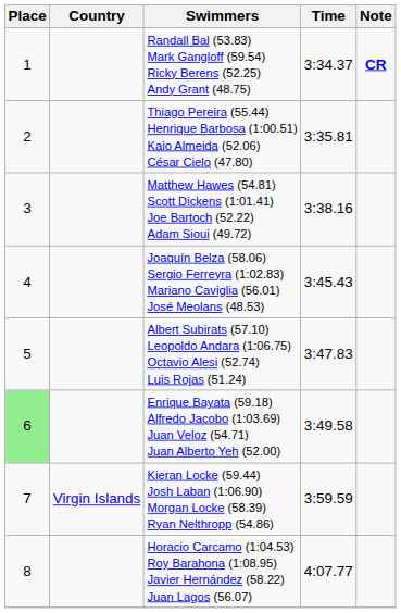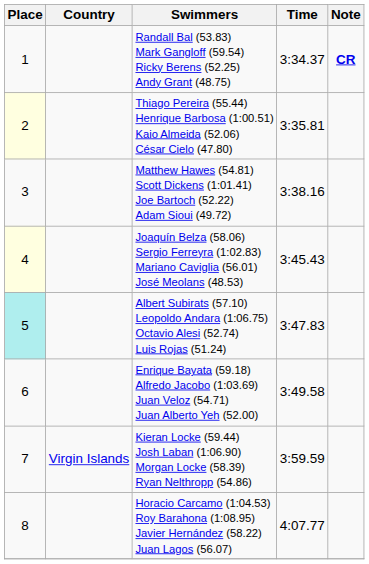 <table class="wikitable" style="text-align:center">
 <tr>
 <th>Place</th>
 <th>Country</th>
 <th>Swimmers</th>
 <th>Time</th>
 <th>Note</th>
 </tr>
 <tr>
 <td>1</td>
 <td align=left></td>
 <td align=left><small> <a href='#'>Randall Bal</a> (53.83) <br> <a href='#'>Mark Gangloff</a> (59.54) <br> <a href='#'>Ricky Berens</a> (52.25) <br> <a href='#'>Andy Grant</a> (48.75) </small></td>
 <td>3:34.37</td>
 <td><strong><a href='#'>CR</a></strong></td>
 </tr>
 <tr>
-<td>2</td>
+<td style="background: lightyellow;">2</td>
 <td align=left></td>
 <td align=left><small> <a href='#'>Thiago Pereira</a> (55.44) <br> <a href='#'>Henrique Barbosa</a> (1:00.51) <br> <a href='#'>Kaio Almeida</a> (52.06) <br> <a href='#'>César Cielo</a> (47.80) </small></td>
 <td>3:35.81</td>
 <td></td>
 </tr>
 <tr>
 <td>3</td>
 <td align=left></td>
 <td align=left><small> <a href='#'>Matthew Hawes</a> (54.81) <br> <a href='#'>Scott Dickens</a> (1:01.41) <br> <a href='#'>Joe Bartoch</a> (52.22) <br> <a href='#'>Adam Sioui</a> (49.72) </small></td>
 <td>3:38.16</td>
 <td></td>
 </tr>
 <tr>
-<td>4</td>
+<td style="background: lightyellow;">4</td>
 <td align=left></td>
 <td align=left><small> <a href='#'>Joaquín Belza</a> (58.06) <br> <a href='#'>Sergio Ferreyra</a> (1:02.83) <br> <a href='#'>Mariano Caviglia</a> (56.01) <br> <a href='#'>José Meolans</a> (48.53) </small></td>
 <td>3:45.43</td>
 <td></td>
 </tr>
 <tr>
-<td>5</td>
+<td style="background: paleturquoise;">5</td>
 <td align=left></td>
 <td align=left><small> <a href='#'>Albert Subirats</a> (57.10) <br> <a href='#'>Leopoldo Andara</a> (1:06.75) <br> <a href='#'>Octavio Alesi</a> (52.74) <br> <a href='#'>Luis Rojas</a> (51.24) </small></td>
 <td>3:47.83</td>
 <td></td>
 </tr>
 <tr>
-<td style="background: lightgreen;">6</td>
+<td>6</td>
 <td align=left></td>
 <td align=left><small> <a href='#'>Enrique Bayata</a> (59.18) <br> <a href='#'>Alfredo Jacobo</a> (1:03.69) <br> <a href='#'>Juan Veloz</a> (54.71) <br> <a href='#'>Juan Alberto Yeh</a> (52.00) </small></td>
 <td>3:49.58</td>
 <td></td>
 </tr>
 <tr>
 <td>7</td>
 <td align=left> <a href='#'>Virgin Islands</a></td>
 <td align=left><small> <a href='#'>Kieran Locke</a> (59.44) <br> <a href='#'>Josh Laban</a> (1:06.90) <br> <a href='#'>Morgan Locke</a> (58.39) <br> <a href='#'>Ryan Nelthropp</a> (54.86) </small></td>
 <td>3:59.59</td>
 <td></td>
 </tr>
 <tr>
 <td>8</td>
 <td align=left></td>
 <td align=left><small> <a href='#'>Horacio Carcamo</a> (1:04.53) <br> <a href='#'>Roy Barahona</a> (1:08.95) <br> <a href='#'>Javier Hernández</a> (58.22) <br> <a href='#'>Juan Lagos</a> (56.07) </small></td>
 <td>4:07.77</td>
 <td></td>
 </tr>
 <tr>
 </tr>
 </table>
